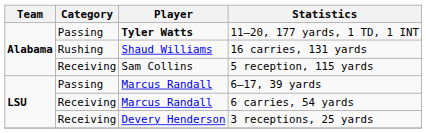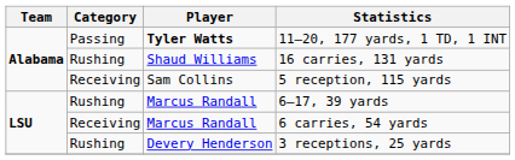 <table class="wikitable" style="float: right;">
 <tr>
 <th>Team</th>
 <th>Category</th>
 <th>Player</th>
 <th>Statistics</th>
 </tr>
 <tr>
 <td rowspan=3><strong>Alabama</strong></td>
 <td>Passing</td>
 <td><strong>Tyler Watts</strong></td>
 <td>11–20, 177 yards, 1 TD, 1 INT</td>
 </tr>
 <tr>
 <td>Rushing</td>
 <td><a href='#'>Shaud Williams</a></td>
 <td>16 carries, 131 yards</td>
 </tr>
 <tr>
 <td>Receiving</td>
 <td>Sam Collins</td>
 <td>5 reception, 115 yards</td>
 </tr>
 <tr>
 <td rowspan=3><strong>LSU</strong></td>
-<td>Passing</td>
+<td>Rushing</td>
 <td><a href='#'>Marcus Randall</a></td>
 <td>6–17, 39 yards</td>
 </tr>
 <tr>
 <td>Receiving</td>
 <td><a href='#'>Marcus Randall</a></td>
 <td>6 carries, 54 yards</td>
 </tr>
 <tr>
-<td>Receiving</td>
+<td>Rushing</td>
 <td><a href='#'>Devery Henderson</a></td>
 <td>3 receptions, 25 yards</td>
 </tr>
 <tr>
 </tr>
 </table>
